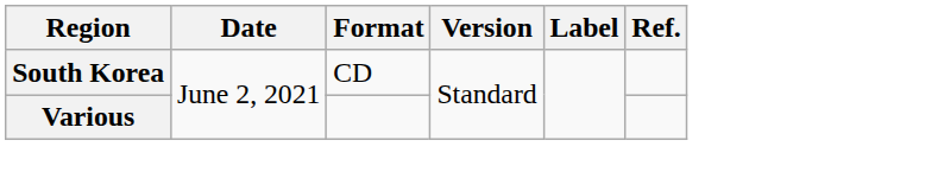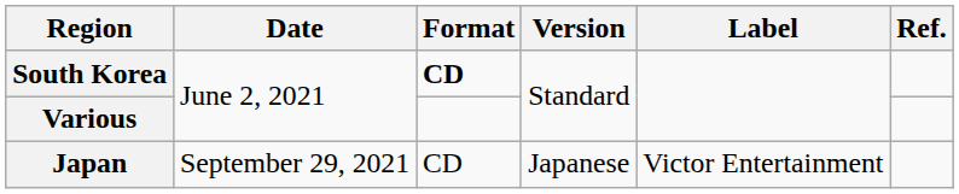 <table class="wikitable plainrowheaders">
 <tr>
 <th>Region</th>
 <th>Date</th>
 <th>Format</th>
 <th>Version</th>
 <th>Label</th>
 <th>Ref.</th>
 </tr>
 <tr>
 <th scope="row">South Korea</th>
 <td rowspan="2">June 2, 2021</td>
-<td>CD</td>
+<td><strong>CD</strong></td>
 <td rowspan="2">Standard</td>
 <td rowspan="2"></td>
 <td></td>
 </tr>
 <tr>
 <th scope="row">Various</th>
 <td></td>
 <td></td>
 </tr>
+<tr>
+<th scope="row">Japan</th>
+<td>September 29, 2021</td>
+<td>CD</td>
+<td>Japanese</td>
+<td>Victor Entertainment</td>
+<td></td>
+</tr>
 </table>
